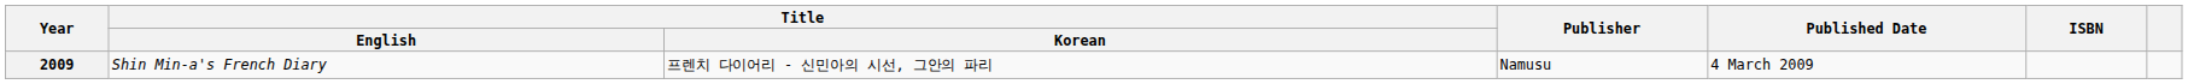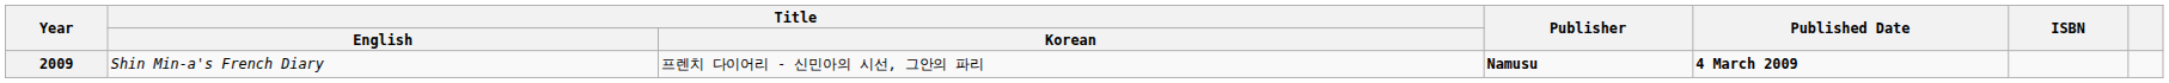 <table class="wikitable plainrowheaders" style="text-align:left; font-size:100%; padding:0 auto; width:100%; margin:auto">
 <tr>
 <th scope="col" rowspan="2">Year</th>
 <th scope="col" colspan="2">Title</th>
 <th scope="col" rowspan="2">Publisher</th>
 <th scope="col" rowspan="2">Published Date</th>
 <th scope="col" rowspan="2" Style=width:8em>ISBN</th>
 <th scope="col" rowspan="2" Style=width:2em class="unsortable"></th>
 </tr>
 <tr>
 <th>English</th>
 <th>Korean</th>
 </tr>
 <tr>
 <th scope="row">2009</th>
 <td><em>Shin Min-a's French Diary</em></td>
 <td>프렌치 다이어리 - 신민아의 시선, 그안의 파리</td>
-<td>Namusu</td>
-<td>4 March 2009</td>
+<td><strong>Namusu</strong></td>
+<td><strong>4 March 2009</strong></td>
 <td></td>
 <td></td>
 </tr>
 </table>
